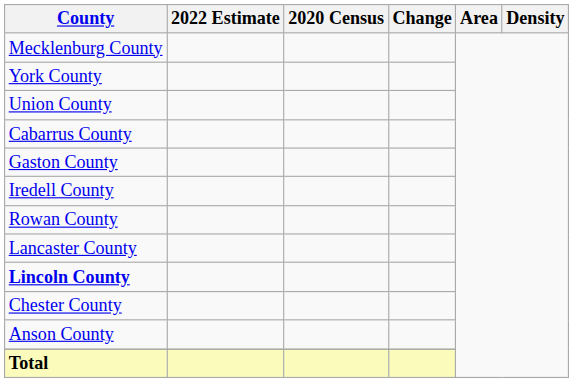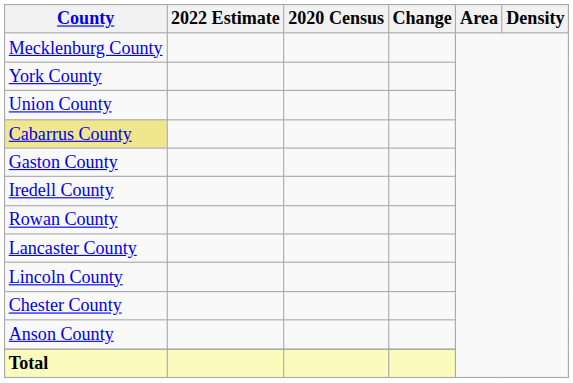 <table class="wikitable sortable">
 <tr>
 <th><a href='#'>County</a></th>
 <th>2022 Estimate</th>
 <th>2020 Census</th>
 <th>Change</th>
 <th>Area</th>
 <th>Density</th>
 </tr>
 <tr>
 <td><a href='#'>Mecklenburg County</a></td>
 <td></td>
 <td></td>
 <td></td>
 </tr>
 <tr>
 <td><a href='#'>York County</a></td>
 <td></td>
 <td></td>
 <td></td>
 </tr>
 <tr>
 <td><a href='#'>Union County</a></td>
 <td></td>
 <td></td>
 <td></td>
 </tr>
 <tr>
-<td><a href='#'>Cabarrus County</a></td>
+<td style="background: khaki;"><a href='#'>Cabarrus County</a></td>
 <td></td>
 <td></td>
 <td></td>
 </tr>
 <tr>
 <td><a href='#'>Gaston County</a></td>
 <td></td>
 <td></td>
 <td></td>
 </tr>
 <tr>
 <td><a href='#'>Iredell County</a></td>
 <td></td>
 <td></td>
 <td></td>
 </tr>
 <tr>
 <td><a href='#'>Rowan County</a></td>
 <td></td>
 <td></td>
 <td></td>
 </tr>
 <tr>
 <td><a href='#'>Lancaster County</a></td>
 <td></td>
 <td></td>
 <td></td>
 </tr>
 <tr>
-<td><strong><a href='#'>Lincoln County</a></strong></td>
+<td><a href='#'>Lincoln County</a></td>
 <td></td>
 <td></td>
 <td></td>
 </tr>
 <tr>
 <td><a href='#'>Chester County</a></td>
 <td></td>
 <td></td>
 <td></td>
 </tr>
 <tr>
 <td><a href='#'>Anson County</a></td>
 <td></td>
 <td></td>
 <td></td>
 </tr>
 <tr>
 </tr>
 <tr class=sortbottom style="background:#fbfbbb">
 <td><strong>Total</strong></td>
 <td></td>
 <td></td>
 <td></td>
 </tr>
 </table>
